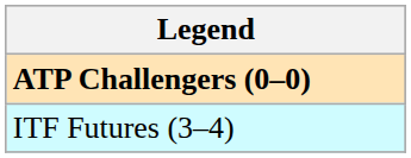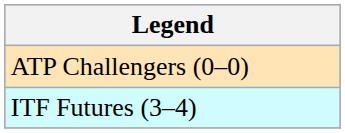 <table class="wikitable">
 <tr>
 <th width=200>Legend</th>
 </tr>
 <tr style="background:moccasin;">
-<td width=200><strong>ATP Challengers (0–0)</strong></td>
+<td width=200>ATP Challengers (0–0)</td>
 </tr>
 <tr style="background:#cffcff;">
 <td width=200>ITF Futures (3–4)</td>
 </tr>
 </table>
